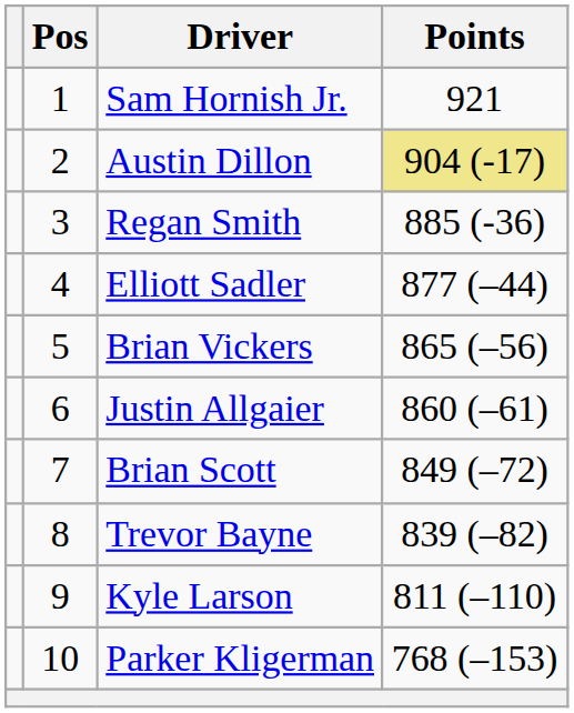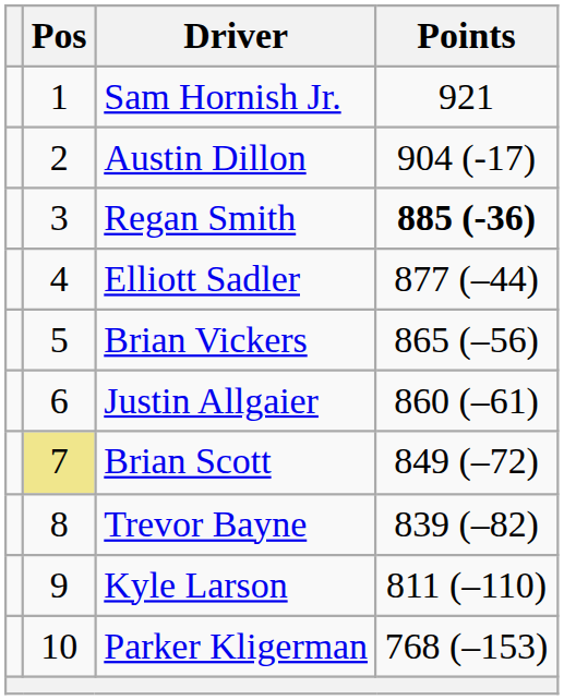 <table class="wikitable" style="font-size: 95%;">
 <tr>
 <th></th>
 <th>Pos</th>
 <th>Driver</th>
 <th>Points</th>
 </tr>
 <tr>
 <td align="left"></td>
 <td style="text-align:center;">1</td>
 <td><a href='#'>Sam Hornish Jr.</a></td>
 <td style="text-align:center;">921</td>
 </tr>
 <tr>
 <td align="left"></td>
 <td style="text-align:center;">2</td>
 <td><a href='#'>Austin Dillon</a></td>
-<td style="background: khaki; text-align:center;">904 (-17)</td>
+<td style="text-align:center;">904 (-17)</td>
 </tr>
 <tr>
 <td align="left"></td>
 <td style="text-align:center;">3</td>
 <td><a href='#'>Regan Smith</a></td>
-<td style="text-align:center;">885 (-36)</td>
+<td style="text-align:center;"><strong>885 (-36)</strong></td>
 </tr>
 <tr>
 <td align="left"></td>
 <td style="text-align:center;">4</td>
 <td><a href='#'>Elliott Sadler</a></td>
 <td style="text-align:center;">877 (–44)</td>
 </tr>
 <tr>
 <td align="left"></td>
 <td style="text-align:center;">5</td>
 <td><a href='#'>Brian Vickers</a></td>
 <td style="text-align:center;">865 (–56)</td>
 </tr>
 <tr>
 <td align="left"></td>
 <td style="text-align:center;">6</td>
 <td><a href='#'>Justin Allgaier</a></td>
 <td style="text-align:center;">860 (–61)</td>
 </tr>
 <tr>
 <td align="left"></td>
-<td style="text-align:center;">7</td>
+<td style="background: khaki; text-align:center;">7</td>
 <td><a href='#'>Brian Scott</a></td>
 <td style="text-align:center;">849 (–72)</td>
 </tr>
 <tr>
 <td align="left"></td>
 <td style="text-align:center;">8</td>
 <td><a href='#'>Trevor Bayne</a></td>
 <td style="text-align:center;">839 (–82)</td>
 </tr>
 <tr>
 <td align="left"></td>
 <td style="text-align:center;">9</td>
 <td><a href='#'>Kyle Larson</a></td>
 <td style="text-align:center;">811 (–110)</td>
 </tr>
 <tr>
 <td align="left"></td>
 <td style="text-align:center;">10</td>
 <td><a href='#'>Parker Kligerman</a></td>
 <td style="text-align:center;">768 (–153)</td>
 </tr>
 <tr class="sortbottom">
 <th colspan="9"></th>
 </tr>
 </table>
